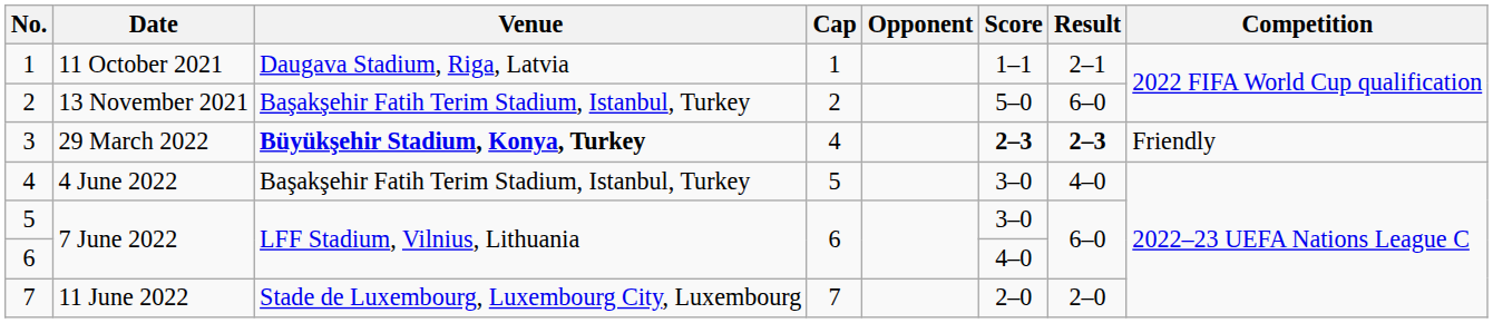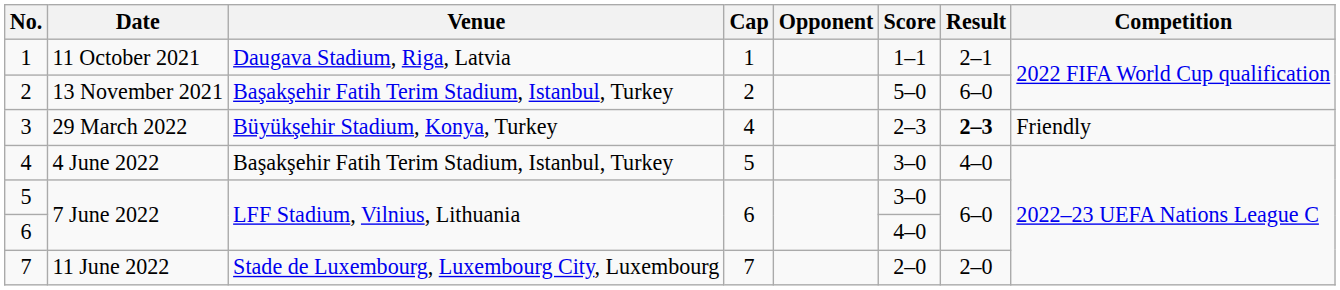 <table class="wikitable sortable">
 <tr>
 <th scope="col">No.</th>
 <th scope="col">Date</th>
 <th scope="col">Venue</th>
 <th scope="col">Cap</th>
 <th scope="col">Opponent</th>
 <th scope="col">Score</th>
 <th scope="col">Result</th>
 <th scope="col">Competition</th>
 </tr>
 <tr>
 <td align="center">1</td>
 <td>11 October 2021</td>
 <td><a href='#'>Daugava Stadium</a>, <a href='#'>Riga</a>, Latvia</td>
 <td align=center>1</td>
 <td></td>
 <td align="center">1–1</td>
 <td align="center">2–1</td>
 <td rowspan=2><a href='#'>2022 FIFA World Cup qualification</a></td>
 </tr>
 <tr>
 <td align="center">2</td>
 <td>13 November 2021</td>
 <td><a href='#'>Başakşehir Fatih Terim Stadium</a>, <a href='#'>Istanbul</a>, Turkey</td>
 <td align=center>2</td>
 <td></td>
 <td align="center">5–0</td>
 <td align="center">6–0</td>
 </tr>
 <tr>
 <td align="center">3</td>
 <td>29 March 2022</td>
-<td><strong><a href='#'>Büyükşehir Stadium</a>, <a href='#'>Konya</a>, Turkey</strong></td>
+<td><a href='#'>Büyükşehir Stadium</a>, <a href='#'>Konya</a>, Turkey</td>
 <td align=center>4</td>
 <td></td>
-<td align="center"><strong>2–3</strong></td>
+<td align="center">2–3</td>
 <td align="center"><strong>2–3</strong></td>
 <td>Friendly</td>
 </tr>
 <tr>
 <td align="center">4</td>
 <td>4 June 2022</td>
 <td>Başakşehir Fatih Terim Stadium, Istanbul, Turkey</td>
 <td align=center>5</td>
 <td></td>
 <td align="center">3–0</td>
 <td align="center">4–0</td>
 <td rowspan=4><a href='#'>2022–23 UEFA Nations League C</a></td>
 </tr>
 <tr>
 <td align="center">5</td>
 <td rowspan=2>7 June 2022</td>
 <td rowspan=2><a href='#'>LFF Stadium</a>, <a href='#'>Vilnius</a>, Lithuania</td>
 <td align=center rowspan=2>6</td>
 <td rowspan=2></td>
 <td align="center">3–0</td>
 <td align="center" rowspan=2>6–0</td>
 </tr>
 <tr>
 <td align="center">6</td>
 <td align="center">4–0</td>
 </tr>
 <tr>
 <td align="center">7</td>
 <td>11 June 2022</td>
 <td><a href='#'>Stade de Luxembourg</a>, <a href='#'>Luxembourg City</a>, Luxembourg</td>
 <td align=center>7</td>
 <td></td>
 <td align="center">2–0</td>
 <td align="center">2–0</td>
 </tr>
 </table>
